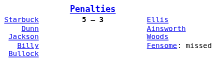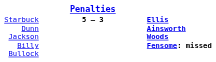 <table cellspacing=0 style="width: 100%;">
 <tr>
 <td align=center rowspan=2 width=15%> </td>
 <td width=24%> </td>
 <td width=13% align=center><strong><a href='#'>Penalties</a></strong></td>
 <td width=24%> </td>
 </tr>
 <tr style=font-size:85%>
 <td align=right valign=top><a href='#'>Starbuck</a>  <br> <a href='#'>Dunn</a>  <br> <a href='#'>Jackson</a>  <br> <a href='#'>Billy</a>  <br> <a href='#'>Bullock</a> </td>
 <td align=center valign=top><strong>5 – 3</strong></td>
-<td valign=top> <a href='#'>Ellis</a> <br>  <a href='#'>Ainsworth</a> <br>  <a href='#'>Woods</a> <br>  <a href='#'>Fensome</a>: missed</td>
+<td valign=top><strong> <a href='#'>Ellis</a> <br>  <a href='#'>Ainsworth</a> <br>  <a href='#'>Woods</a> <br>  <a href='#'>Fensome</a>: missed</strong></td>
 <td> </td>
 </tr>
 </table>
